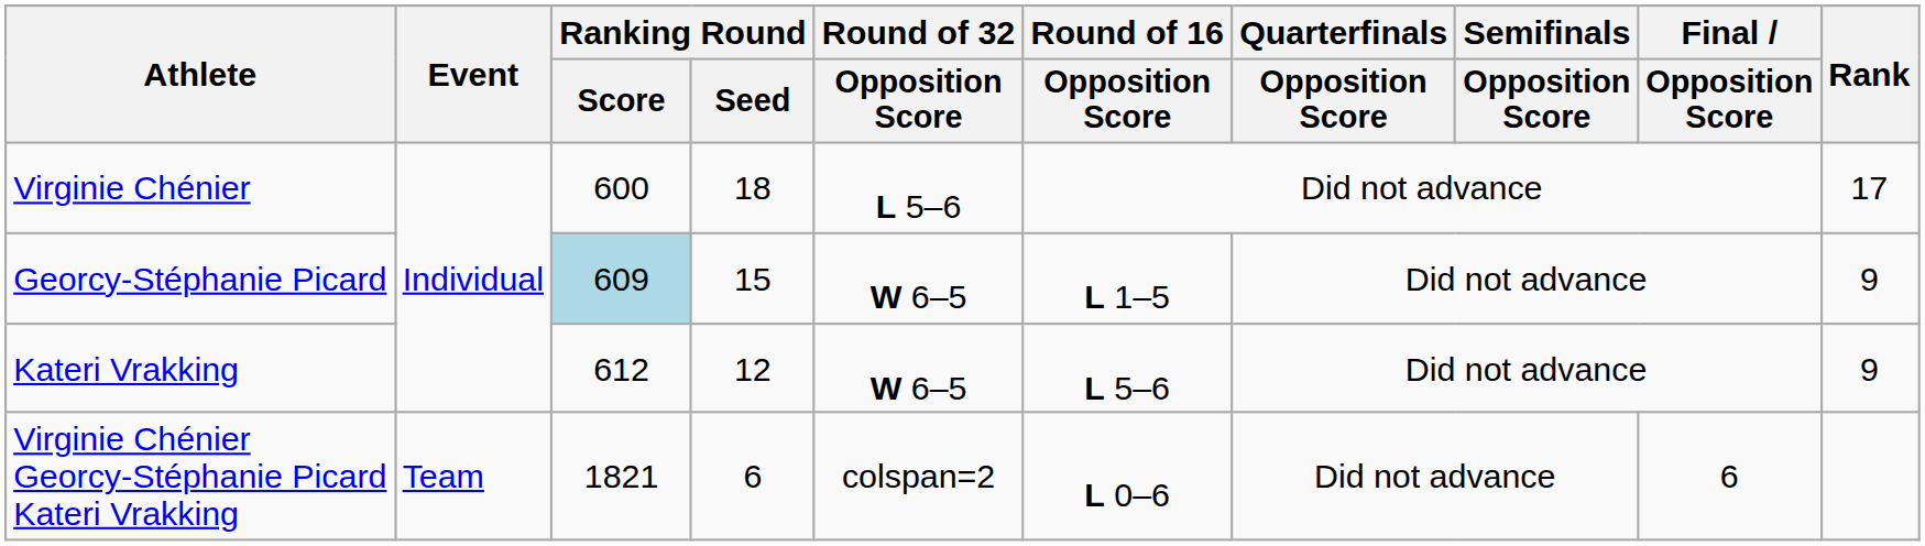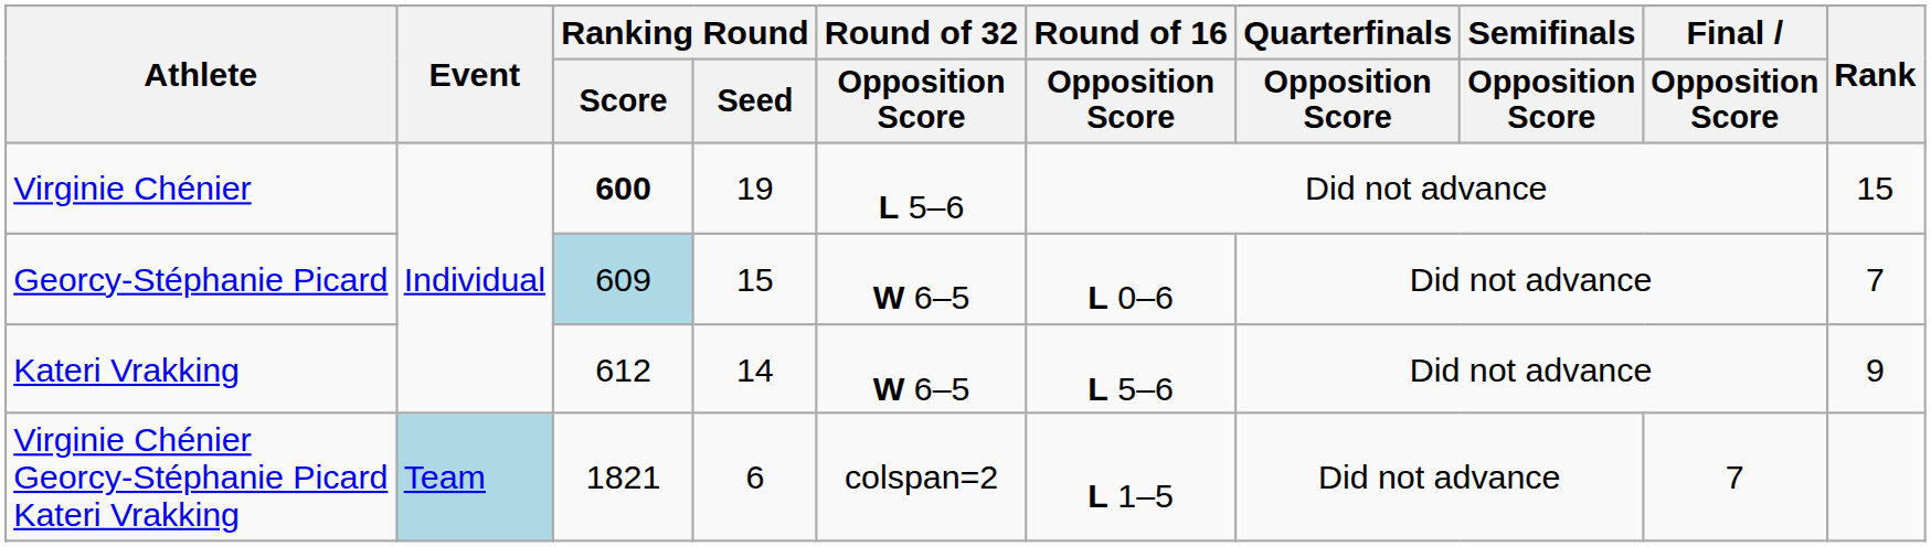 <table class="wikitable" style="font-size:90%">
 <tr>
 <th rowspan=2>Athlete</th>
 <th rowspan=2>Event</th>
 <th colspan=2>Ranking Round</th>
 <th>Round of 32</th>
 <th>Round of 16</th>
 <th>Quarterfinals</th>
 <th>Semifinals</th>
 <th>Final / </th>
 <th rowspan=2>Rank</th>
 </tr>
 <tr style="font-size:95%">
 <th>Score</th>
 <th>Seed</th>
 <th>Opposition<br>Score</th>
 <th>Opposition<br>Score</th>
 <th>Opposition<br>Score</th>
 <th>Opposition<br>Score</th>
 <th>Opposition<br>Score</th>
 </tr>
 <tr align=center>
 <td align=left><a href='#'>Virginie Chénier</a></td>
 <td align=left rowspan=3><a href='#'>Individual</a></td>
-<td>600</td>
-<td>18</td>
+<td><strong>600</strong></td>
+<td>19</td>
 <td><br><strong>L</strong> 5–6</td>
 <td colspan=4>Did not advance</td>
-<td>17</td>
+<td>15</td>
 </tr>
 <tr align=center>
 <td align=left><a href='#'>Georcy-Stéphanie Picard</a></td>
 <td style="background: lightblue;">609</td>
 <td>15</td>
 <td><br><strong>W</strong> 6–5</td>
-<td><br><strong>L</strong> 1–5</td>
+<td><br><strong>L</strong> 0–6</td>
 <td colspan=3>Did not advance</td>
-<td>9</td>
+<td>7</td>
 </tr>
 <tr align=center>
 <td align=left><a href='#'>Kateri Vrakking</a></td>
 <td>612</td>
-<td>12</td>
+<td>14</td>
 <td><br><strong>W</strong> 6–5</td>
 <td><br><strong>L</strong> 5–6</td>
 <td colspan=3>Did not advance</td>
 <td>9</td>
 </tr>
 <tr align=center>
 <td align=left><a href='#'>Virginie Chénier</a><br><a href='#'>Georcy-Stéphanie Picard</a><br><a href='#'>Kateri Vrakking</a></td>
-<td align=left><a href='#'>Team</a></td>
+<td align=left style="background: lightblue;"><a href='#'>Team</a></td>
 <td>1821</td>
 <td>6</td>
 <td>colspan=2 </td>
-<td><br><strong>L</strong> 0–6</td>
+<td><br><strong>L</strong> 1–5</td>
 <td colspan=2>Did not advance</td>
-<td>6</td>
+<td>7</td>
 </tr>
 </table>
